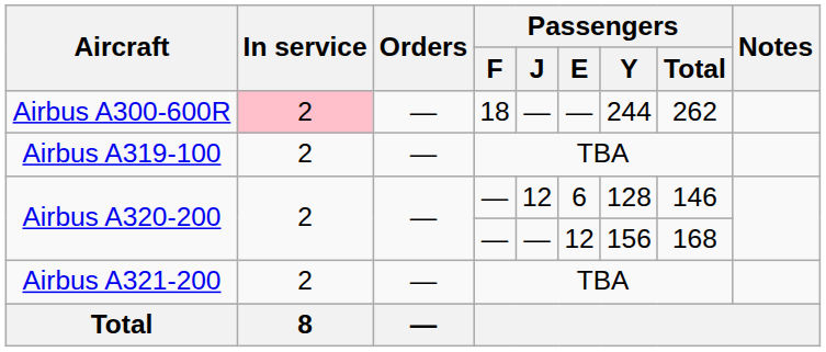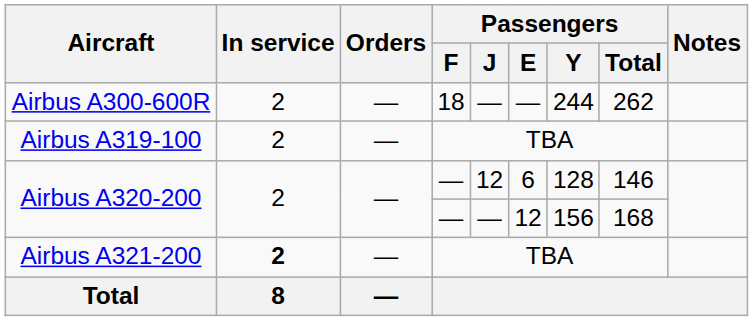 <table class="wikitable" style="margin:1em auto; border-collapse:collapse;text-align:center">
 <tr Meraj Airlines Fleet>
 <th rowspan="2">Aircraft</th>
 <th rowspan="2">In service</th>
 <th rowspan="2">Orders</th>
 <th colspan="5">Passengers</th>
 <th rowspan="2">Notes</th>
 </tr>
 <tr>
 <th><abbr>F</abbr></th>
 <th><abbr>J</abbr></th>
 <th><abbr>E</abbr></th>
 <th><abbr>Y</abbr></th>
 <th>Total</th>
 </tr>
 <tr>
 <td><a href='#'>Airbus A300-600R</a></td>
-<td style="background: pink;">2</td>
+<td>2</td>
 <td>—</td>
 <td>18</td>
 <td>—</td>
 <td>—</td>
 <td>244</td>
 <td>262</td>
 <td></td>
 </tr>
 <tr>
 <td><a href='#'>Airbus A319-100</a></td>
 <td>2</td>
 <td>—</td>
 <td colspan="5"><abbr>TBA</abbr></td>
 <td></td>
 </tr>
 <tr>
 <td rowspan=2><a href='#'>Airbus A320-200</a></td>
 <td rowspan=2>2</td>
 <td rowspan=2>—</td>
 <td>—</td>
 <td>12</td>
 <td>6</td>
 <td>128</td>
 <td>146</td>
 <td rowspan=2></td>
 </tr>
 <tr>
 <td>—</td>
 <td>—</td>
 <td>12</td>
 <td>156</td>
 <td>168</td>
 </tr>
 <tr>
 <td><a href='#'>Airbus A321-200</a></td>
-<td>2</td>
+<td><strong>2</strong></td>
 <td>—</td>
 <td colspan="5"><abbr>TBA</abbr></td>
 <td></td>
 </tr>
 <tr>
 <th>Total</th>
 <th>8</th>
 <th>—</th>
 <th colspan="7"></th>
 </tr>
 </table>
